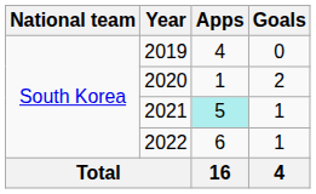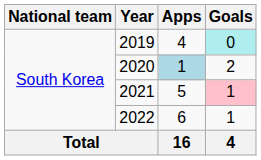 <table class="wikitable" style="text-align:center">
 <tr>
 <th>National team</th>
 <th>Year</th>
 <th>Apps</th>
 <th>Goals</th>
 </tr>
 <tr>
 <td rowspan="4"><a href='#'>South Korea</a></td>
 <td>2019</td>
 <td>4</td>
-<td>0</td>
+<td style="background: paleturquoise;">0</td>
 </tr>
 <tr>
 <td>2020</td>
-<td>1</td>
+<td style="background: lightblue;">1</td>
 <td>2</td>
 </tr>
 <tr>
 <td>2021</td>
-<td style="background: paleturquoise;">5</td>
-<td>1</td>
+<td>5</td>
+<td style="background: pink;">1</td>
 </tr>
 <tr>
 <td>2022</td>
 <td>6</td>
 <td>1</td>
 </tr>
 <tr>
 <th colspan="2">Total</th>
 <th>16</th>
 <th>4</th>
 </tr>
 </table>
